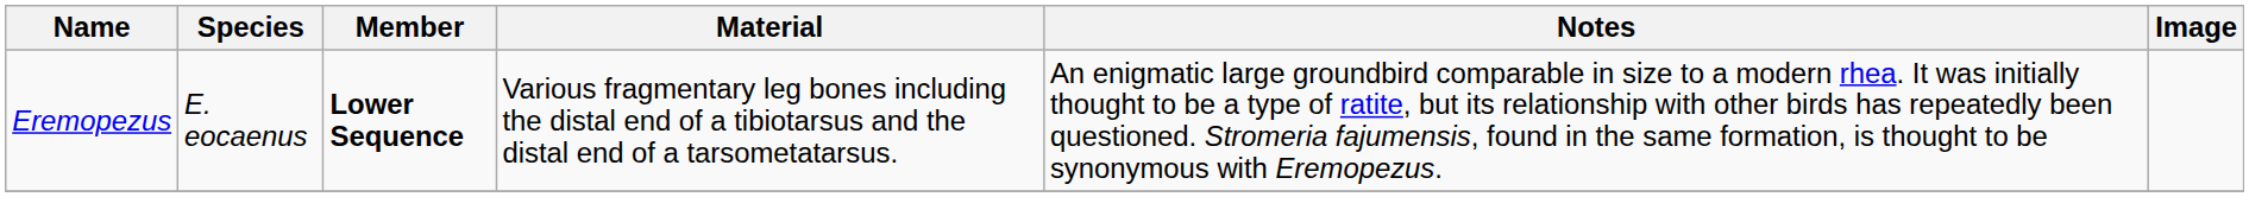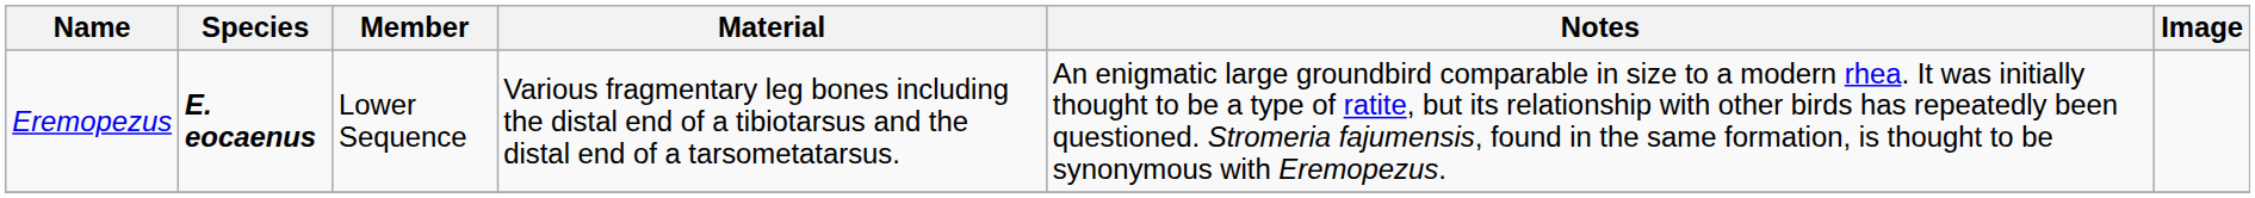 <table class="wikitable" align="center" width="100%">
 <tr>
 <th>Name</th>
 <th>Species</th>
 <th>Member</th>
 <th>Material</th>
 <th>Notes</th>
 <th>Image</th>
 </tr>
 <tr>
 <td><em><a href='#'>Eremopezus</a></em></td>
-<td><em>E. eocaenus</em></td>
-<td><strong>Lower Sequence</strong></td>
+<td><strong><em>E. eocaenus</em></strong></td>
+<td>Lower Sequence</td>
 <td>Various fragmentary leg bones including the distal end of a tibiotarsus and the distal end of a tarsometatarsus.</td>
 <td>An enigmatic large groundbird comparable in size to a modern <a href='#'>rhea</a>. It was initially thought to be a type of <a href='#'>ratite</a>, but its relationship with other birds has repeatedly been questioned. <em>Stromeria fajumensis</em>, found in the same formation, is thought to be synonymous with <em>Eremopezus</em>.</td>
 <td></td>
 </tr>
 <tr>
 </tr>
 </table>
